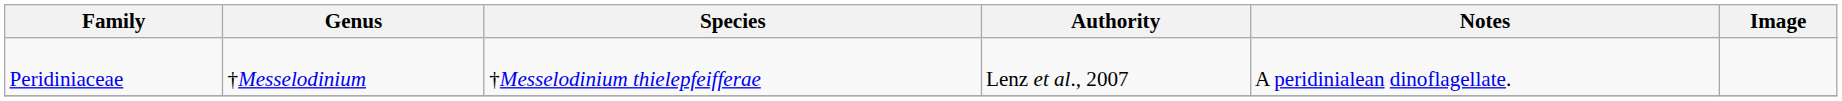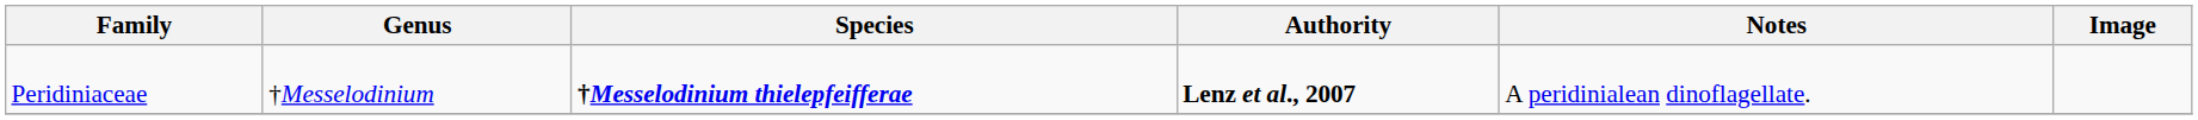 <table class="wikitable" align="center" width="70%">
 <tr>
 <th>Family</th>
 <th>Genus</th>
 <th>Species</th>
 <th>Authority</th>
 <th>Notes</th>
 <th>Image</th>
 </tr>
 <tr>
 <td><br><a href='#'>Peridiniaceae</a></td>
 <td><br>†<em><a href='#'>Messelodinium</a></em></td>
-<td><br>†<em><a href='#'>Messelodinium thielepfeifferae</a></em></td>
-<td><br>Lenz <em>et al</em>., 2007</td>
+<td><strong><br>†<em><a href='#'>Messelodinium thielepfeifferae</a></em></strong></td>
+<td><strong><br>Lenz <em>et al</em>., 2007</strong></td>
 <td><br>A <a href='#'>peridinialean</a> <a href='#'>dinoflagellate</a>.</td>
 <td></td>
 </tr>
 <tr>
 </tr>
 </table>
